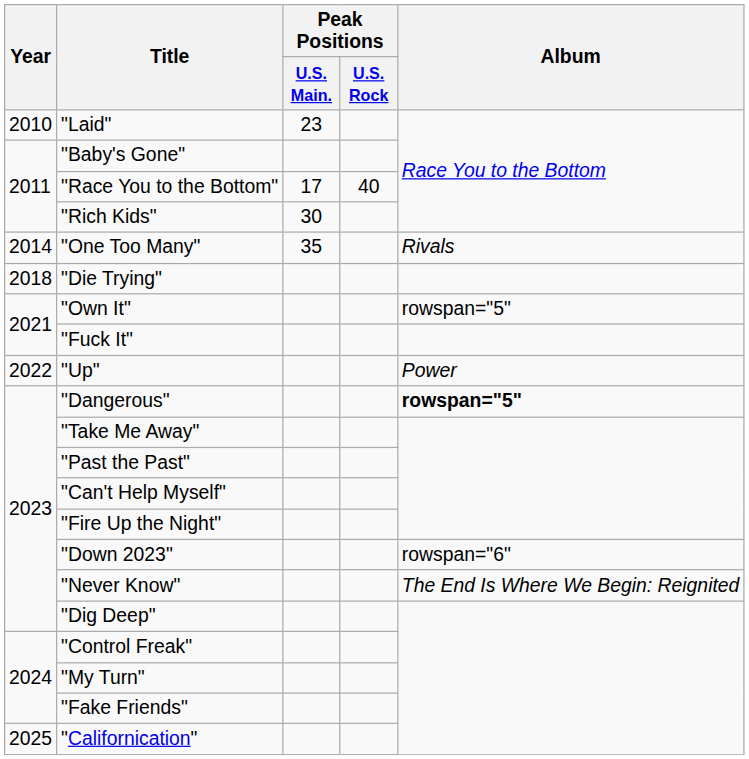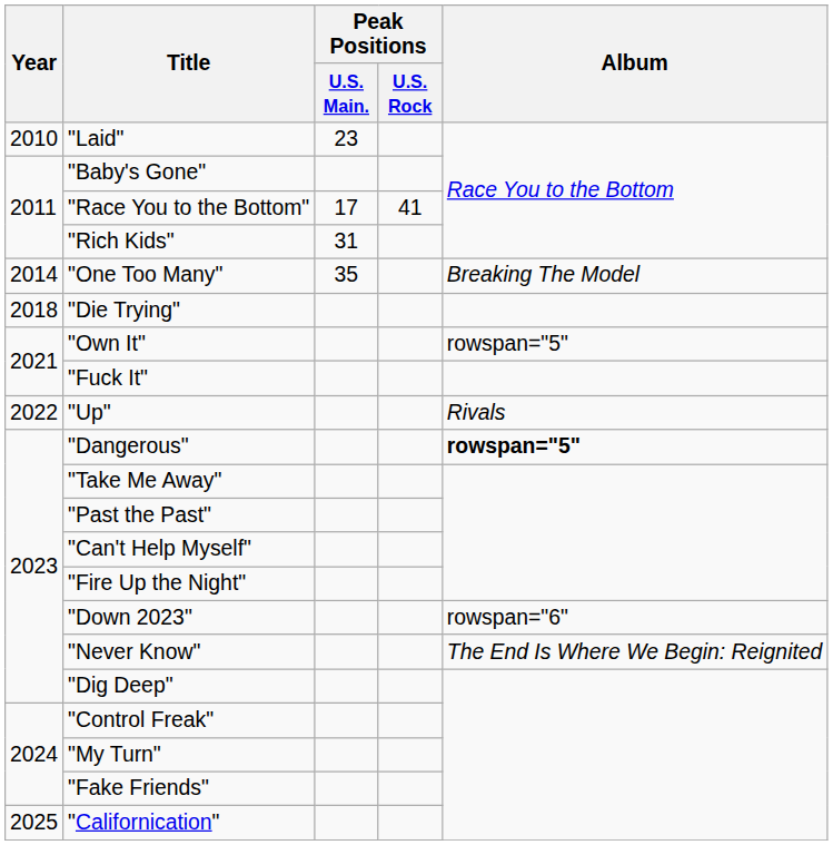 <table class="wikitable">
 <tr>
 <th rowspan="2">Year</th>
 <th rowspan="2">Title</th>
 <th colspan="2">Peak Positions</th>
 <th rowspan="2">Album</th>
 </tr>
 <tr>
 <th style="width:40px;"><small><a href='#'>U.S. Main.</a></small></th>
 <th style="width:40px;"><small><a href='#'>U.S. Rock</a></small></th>
 </tr>
 <tr>
 <td rowspan="1">2010</td>
 <td>"Laid"</td>
 <td style="text-align:center;">23</td>
 <td style="text-align:center;"></td>
 <td rowspan="4"><em><a href='#'>Race You to the Bottom</a></em></td>
 </tr>
 <tr>
 <td rowspan="3">2011</td>
 <td>"Baby's Gone"</td>
 <td style="text-align:center;"></td>
 <td style="text-align:center;"></td>
 </tr>
 <tr>
 <td>"Race You to the Bottom"</td>
 <td style="text-align:center;">17</td>
-<td style="text-align:center;">40</td>
+<td style="text-align:center;">41</td>
 </tr>
 <tr>
 <td>"Rich Kids"</td>
-<td style="text-align:center;">30</td>
+<td style="text-align:center;">31</td>
 <td style="text-align:center;"></td>
 </tr>
 <tr>
 <td rowspan="1">2014</td>
 <td>"One Too Many"</td>
 <td style="text-align:center;">35</td>
 <td style="text-align:center;"></td>
-<td><em>Rivals</em></td>
+<td rowspan="1"><em>Breaking The Model</em></td>
 </tr>
 <tr>
 <td>2018</td>
 <td>"Die Trying"</td>
 <td style="text-align:center;"></td>
 <td style="text-align:center;"></td>
 <td></td>
 </tr>
 <tr>
 <td rowspan="2">2021</td>
 <td>"Own It"<br> </td>
 <td style="text-align:center;"></td>
 <td style="text-align:center;"></td>
 <td>rowspan="5" </td>
 </tr>
 <tr>
 <td>"Fuck It"</td>
 <td style="text-align:center;"></td>
 <td style="text-align:center;"></td>
 <td></td>
 </tr>
 <tr>
 <td>2022</td>
 <td>"Up"<br> </td>
 <td style="text-align:center;"></td>
 <td style="text-align:center;"></td>
-<td><em>Power</em></td>
+<td><em>Rivals</em></td>
 </tr>
 <tr>
 <td rowspan="8">2023</td>
 <td>"Dangerous"</td>
 <td style="text-align:center;"></td>
 <td style="text-align:center;"></td>
 <td><strong>rowspan="5" </strong></td>
 </tr>
 <tr>
 <td>"Take Me Away"</td>
 <td style="text-align:center;"></td>
 <td style="text-align:center;"></td>
 </tr>
 <tr>
 <td>"Past the Past"</td>
 <td style="text-align:center;"></td>
 <td style="text-align:center;"></td>
 </tr>
 <tr>
 <td>"Can't Help Myself"</td>
 <td style="text-align:center;"></td>
 <td style="text-align:center;"></td>
 </tr>
 <tr>
 <td>"Fire Up the Night"</td>
 <td style="text-align:center;"></td>
 <td style="text-align:center;"></td>
 </tr>
 <tr>
 <td>"Down 2023"<br> </td>
 <td style="text-align:center;"></td>
 <td style="text-align:center;"></td>
 <td>rowspan="6" </td>
 </tr>
 <tr>
 <td>"Never Know"</td>
 <td style="text-align:center;"></td>
 <td style="text-align:center;"></td>
 <td><em>The End Is Where We Begin: Reignited</em></td>
 </tr>
 <tr>
 <td>"Dig Deep" </td>
 <td style="text-align:center;"></td>
 <td style="text-align:center;"></td>
 </tr>
 <tr>
 <td rowspan="3">2024</td>
 <td>"Control Freak"</td>
 <td style="text-align:center;"></td>
 <td style="text-align:center;"></td>
 </tr>
 <tr>
 <td>"My Turn"</td>
 <td style="text-align:center;"></td>
 <td style="text-align:center;"></td>
 </tr>
 <tr>
 <td>"Fake Friends" </td>
 <td style="text-align:center;"></td>
 <td style="text-align:center;"></td>
 </tr>
 <tr>
 <td>2025</td>
 <td>"<a href='#'>Californication</a>" </td>
 <td style="text-align:center;"></td>
 <td style="text-align:center;"></td>
 </tr>
 <tr>
 </tr>
 </table>
